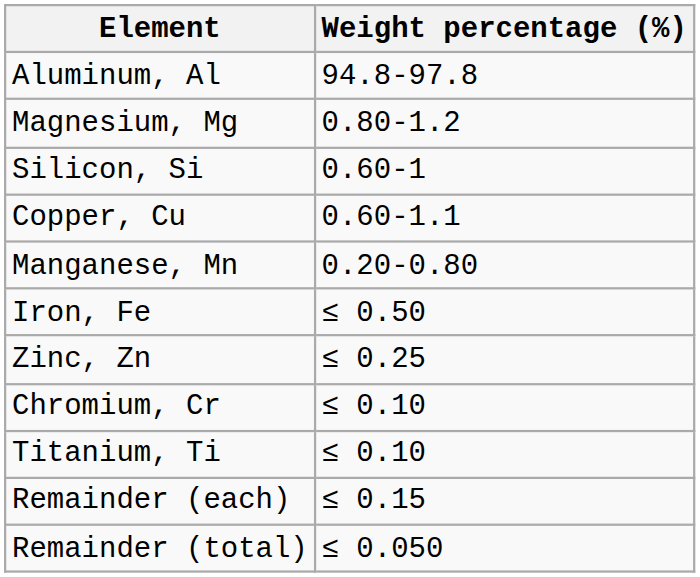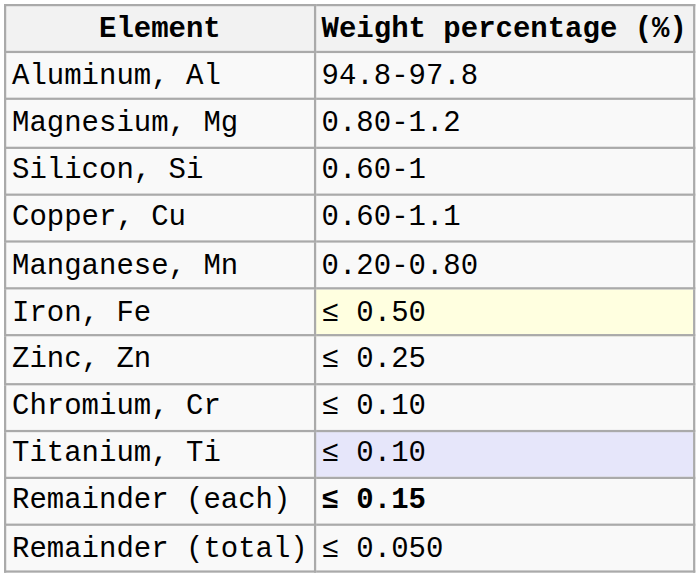 <table class="wikitable">
 <tr>
 <th>Element </th>
 <th>Weight percentage (%)</th>
 </tr>
 <tr>
 <td>Aluminum, Al</td>
 <td>94.8-97.8</td>
 </tr>
 <tr>
 <td>Magnesium, Mg</td>
 <td>0.80-1.2</td>
 </tr>
 <tr>
 <td>Silicon, Si</td>
 <td>0.60-1</td>
 </tr>
 <tr>
 <td>Copper, Cu</td>
 <td>0.60-1.1</td>
 </tr>
 <tr>
 <td>Manganese, Mn</td>
 <td>0.20-0.80</td>
 </tr>
 <tr>
 <td>Iron, Fe</td>
-<td>≤ 0.50</td>
+<td style="background: lightyellow;">≤ 0.50</td>
 </tr>
 <tr>
 <td>Zinc, Zn</td>
 <td>≤ 0.25</td>
 </tr>
 <tr>
 <td>Chromium, Cr</td>
 <td>≤ 0.10</td>
 </tr>
 <tr>
 <td>Titanium, Ti</td>
-<td>≤ 0.10</td>
+<td style="background: lavender;">≤ 0.10</td>
 </tr>
 <tr>
 <td>Remainder (each)</td>
-<td>≤ 0.15</td>
+<td><strong>≤ 0.15</strong></td>
 </tr>
 <tr>
 <td>Remainder (total)</td>
 <td>≤ 0.050</td>
 </tr>
 </table>
